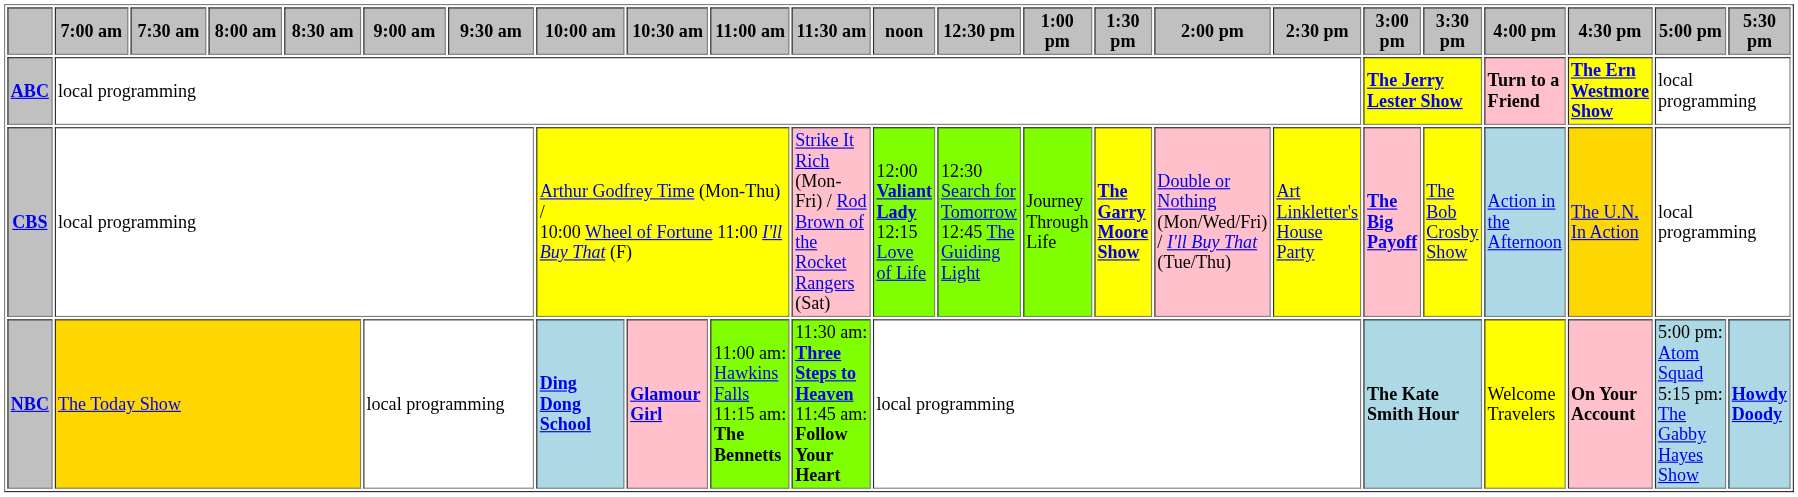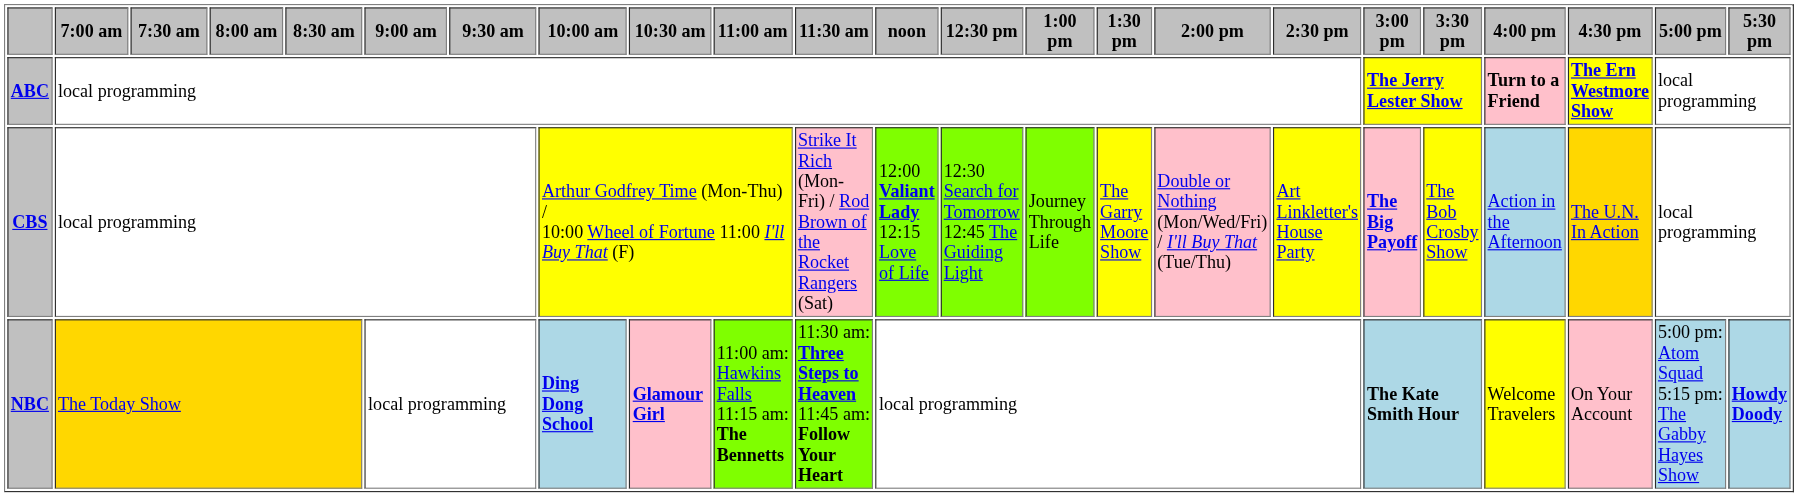 <table border="1" cellpadding="2">
 <tr>
 <th bgcolor="#C0C0C0"> </th>
 <th width="13%" bgcolor="#C0C0C0">7:00 am</th>
 <th width="14%" bgcolor="#C0C0C0">7:30 am</th>
 <th width="13%" bgcolor="#C0C0C0">8:00 am</th>
 <th width="14%" bgcolor="#C0C0C0">8:30 am</th>
 <th width="13%" bgcolor="#C0C0C0">9:00 am</th>
 <th width="14%" bgcolor="#C0C0C0">9:30 am</th>
 <th width="13%" bgcolor="#C0C0C0">10:00 am</th>
 <th width="14%" bgcolor="#C0C0C0">10:30 am</th>
 <th width="13%" bgcolor="#C0C0C0">11:00 am</th>
 <th width="14%" bgcolor="#C0C0C0">11:30 am</th>
 <th width="13%" bgcolor="#C0C0C0">noon</th>
 <th width="14%" bgcolor="#C0C0C0">12:30 pm</th>
 <th width="13%" bgcolor="#C0C0C0">1:00 pm</th>
 <th width="14%" bgcolor="#C0C0C0">1:30 pm</th>
 <th width="13%" bgcolor="#C0C0C0">2:00 pm</th>
 <th width="14%" bgcolor="#C0C0C0">2:30 pm</th>
 <th width="13%" bgcolor="#C0C0C0">3:00 pm</th>
 <th width="14%" bgcolor="#C0C0C0">3:30 pm</th>
 <th width="13%" bgcolor="#C0C0C0">4:00 pm</th>
 <th width="14%" bgcolor="#C0C0C0">4:30 pm</th>
 <th width="13%" bgcolor="#C0C0C0">5:00 pm</th>
 <th width="14%" bgcolor="#C0C0C0">5:30 pm</th>
 </tr>
 <tr>
 <th bgcolor="#C0C0C0"><a href='#'>ABC</a></th>
 <td bgcolor="white" colspan="16">local programming</td>
 <td bgcolor="yellow" colspan="2"><strong><a href='#'>The Jerry Lester Show</a></strong></td>
 <td bgcolor="pink"><strong>Turn to a Friend</strong></td>
 <td bgcolor="yellow"><strong><a href='#'>The Ern Westmore Show</a></strong></td>
 <td bgcolor="white" colspan="2">local programming</td>
 </tr>
 <tr>
 <th bgcolor="#C0C0C0"><a href='#'>CBS</a></th>
 <td bgcolor="white" colspan="6">local programming</td>
 <td bgcolor="yellow" colspan="3"><a href='#'>Arthur Godfrey Time</a> (Mon-Thu) /<br>10:00 <a href='#'>Wheel of Fortune</a> 11:00 <em><a href='#'>I'll Buy That</a></em> (F)</td>
 <td bgcolor="pink"><a href='#'>Strike It Rich</a> (Mon-Fri) / <a href='#'>Rod Brown of the Rocket Rangers</a> (Sat)</td>
 <td bgcolor="chartreuse">12:00 <strong><a href='#'>Valiant Lady</a></strong><br>12:15 <a href='#'>Love of Life</a></td>
 <td bgcolor="chartreuse">12:30 <a href='#'>Search for Tomorrow</a><br>12:45 <a href='#'>The Guiding Light</a></td>
 <td bgcolor="chartreuse">Journey Through Life</td>
-<td bgcolor="yellow"><strong><a href='#'>The Garry Moore Show</a></strong></td>
+<td bgcolor="yellow"><a href='#'>The Garry Moore Show</a></td>
 <td bgcolor="pink"><a href='#'>Double or Nothing</a> (Mon/Wed/Fri) / <em><a href='#'>I'll Buy That</a></em> (Tue/Thu)</td>
 <td bgcolor="yellow"><a href='#'>Art Linkletter's House Party</a></td>
 <td bgcolor="pink"><strong><a href='#'>The Big Payoff</a></strong></td>
 <td bgcolor="yellow"><a href='#'>The Bob Crosby Show</a></td>
 <td bgcolor="lightblue"><a href='#'>Action in the Afternoon</a></td>
 <td bgcolor="gold"><a href='#'>The U.N. In Action</a></td>
 <td bgcolor="white" colspan="2">local programming</td>
 </tr>
 <tr>
 <th bgcolor="#C0C0C0"><a href='#'>NBC</a></th>
 <td bgcolor="gold" colspan="4"><a href='#'>The Today Show</a></td>
 <td bgcolor="white" colspan="2">local programming</td>
 <td bgcolor="lightblue"><strong><a href='#'>Ding Dong School</a></strong></td>
 <td bgcolor="pink"><strong><a href='#'>Glamour Girl</a></strong></td>
 <td bgcolor="chartreuse">11:00 am: <a href='#'>Hawkins Falls</a><br>11:15 am: <strong>The Bennetts</strong></td>
 <td bgcolor="chartreuse">11:30 am: <strong><a href='#'>Three Steps to Heaven</a></strong><br>11:45 am: <strong>Follow Your Heart</strong></td>
 <td bgcolor="white" colspan="6">local programming</td>
 <td bgcolor="lightblue" colspan="2"><strong>The Kate Smith Hour</strong></td>
 <td bgcolor="yellow">Welcome Travelers</td>
-<td bgcolor="pink"><strong>On Your Account</strong></td>
+<td bgcolor="pink">On Your Account</td>
 <td bgcolor="lightblue">5:00 pm: <a href='#'>Atom Squad</a> 5:15 pm: <a href='#'>The Gabby Hayes Show</a></td>
 <td bgcolor="lightblue"><strong><a href='#'>Howdy Doody</a></strong></td>
 </tr>
 </table>
